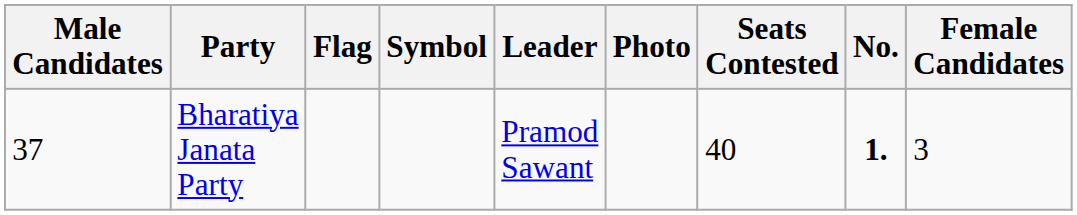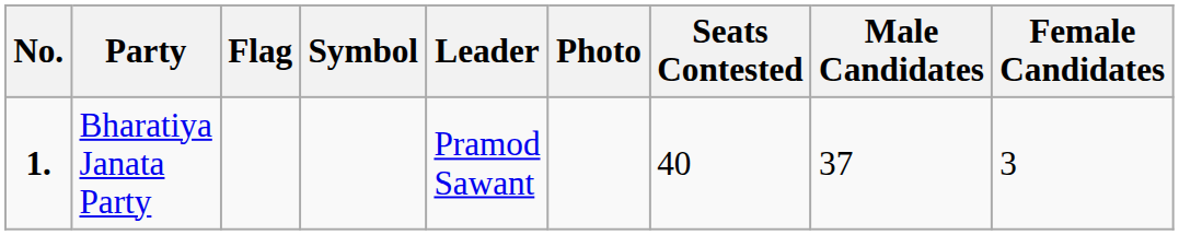 <table class="wikitable"  width="50%">
 <tr>
-<th>Male Candidates</th>
+<th>No.</th>
 <th>Party</th>
 <th>Flag</th>
 <th>Symbol</th>
 <th>Leader</th>
 <th>Photo</th>
 <th>Seats Contested</th>
-<th>No.</th>
+<th>Male Candidates</th>
 <th>Female Candidates</th>
 </tr>
 <tr>
-<td>37</td>
+<td style="text-align:center; background:"><strong>1.</strong></td>
 <td><a href='#'>Bharatiya Janata Party</a></td>
 <td></td>
 <td></td>
 <td><a href='#'>Pramod Sawant</a></td>
 <td></td>
 <td>40</td>
-<td style="text-align:center; background:"><strong>1.</strong></td>
+<td>37</td>
 <td>3</td>
 </tr>
 </table>
